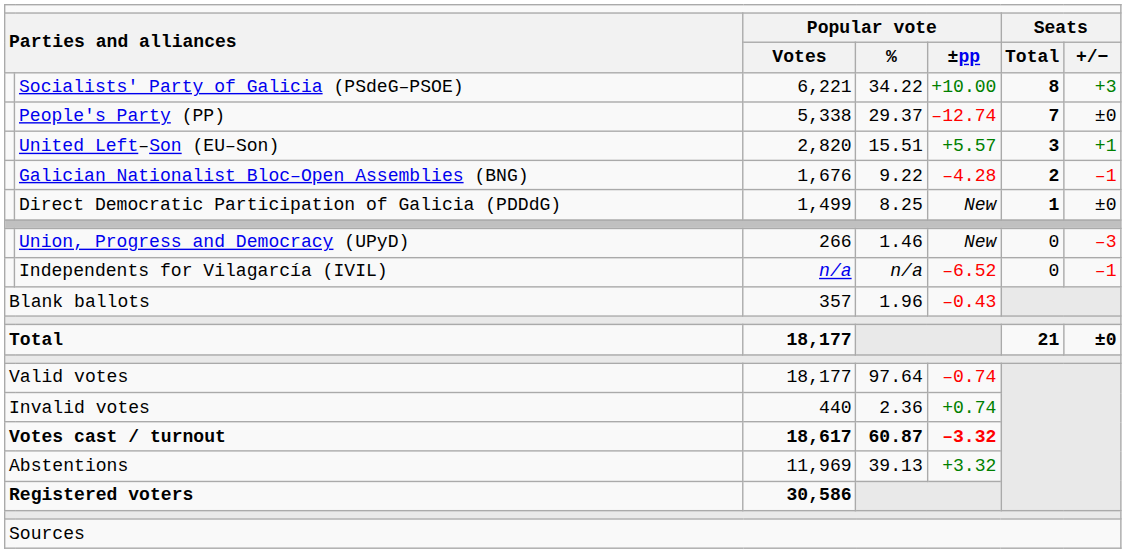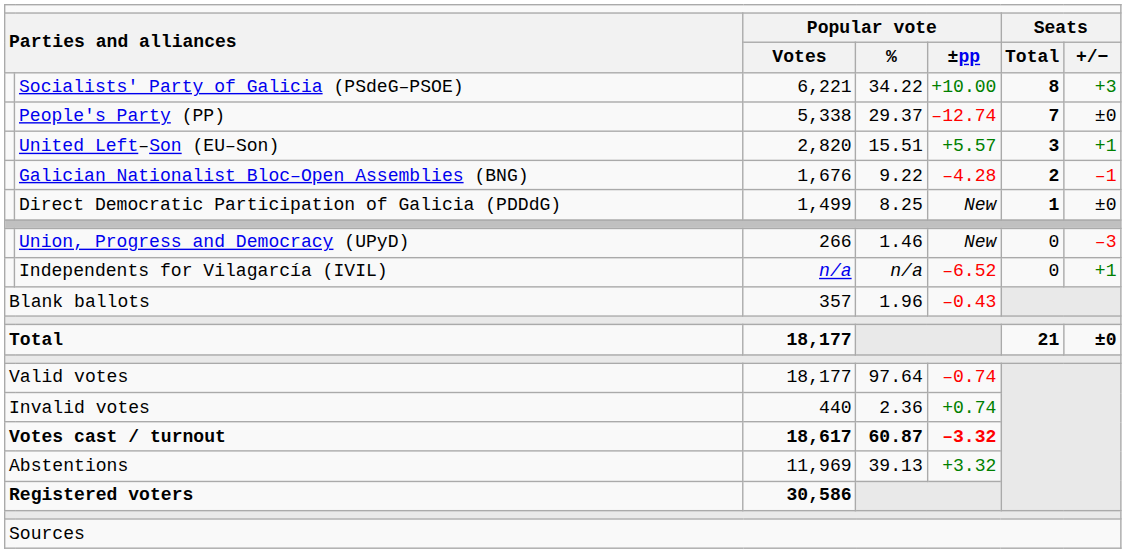 <table class="wikitable" style="text-align:right;">
 <tr>
 <td colspan="7"></td>
 </tr>
 <tr>
 <th style="text-align:left;" rowspan="2" colspan="2" width="525">Parties and alliances</th>
 <th colspan="3">Popular vote</th>
 <th colspan="2">Seats</th>
 </tr>
 <tr>
 <th width="75">Votes</th>
 <th width="45">%</th>
 <th width="45">±<a href='#'>pp</a></th>
 <th width="35">Total</th>
 <th width="35">+/−</th>
 </tr>
 <tr>
 <td width="1" style="color:inherit;background:"></td>
 <td align="left"><a href='#'>Socialists' Party of Galicia</a> (PSdeG–PSOE)</td>
 <td>6,221</td>
 <td>34.22</td>
 <td style="color:green;">+10.00</td>
 <td><strong>8</strong></td>
 <td style="color:green;">+3</td>
 </tr>
 <tr>
 <td style="color:inherit;background:"></td>
 <td align="left"><a href='#'>People's Party</a> (PP)</td>
 <td>5,338</td>
 <td>29.37</td>
 <td style="color:red;">–12.74</td>
 <td><strong>7</strong></td>
 <td>±0</td>
 </tr>
 <tr>
 <td style="color:inherit;background:"></td>
 <td align="left"><a href='#'>United Left</a>–<a href='#'>Son</a> (EU–Son)</td>
 <td>2,820</td>
 <td>15.51</td>
 <td style="color:green;">+5.57</td>
 <td><strong>3</strong></td>
 <td style="color:green;">+1</td>
 </tr>
 <tr>
 <td style="color:inherit;background:"></td>
 <td align="left"><a href='#'>Galician Nationalist Bloc–Open Assemblies</a> (BNG)</td>
 <td>1,676</td>
 <td>9.22</td>
 <td style="color:red;">–4.28</td>
 <td><strong>2</strong></td>
 <td style="color:red;">–1</td>
 </tr>
 <tr>
 <td style="color:inherit;background:"></td>
 <td align="left">Direct Democratic Participation of Galicia (PDDdG)</td>
 <td>1,499</td>
 <td>8.25</td>
 <td><em>New</em></td>
 <td><strong>1</strong></td>
 <td>±0</td>
 </tr>
 <tr>
 <td colspan="7" bgcolor="#C0C0C0"></td>
 </tr>
 <tr>
 <td style="color:inherit;background:"></td>
 <td align="left"><a href='#'>Union, Progress and Democracy</a> (UPyD)</td>
 <td>266</td>
 <td>1.46</td>
 <td><em>New</em></td>
 <td>0</td>
 <td style="color:red;">–3</td>
 </tr>
 <tr>
 <td style="color:inherit;background:"></td>
 <td align="left">Independents for Vilagarcía (IVIL)</td>
 <td><em><a href='#'>n/a</a></em></td>
 <td><em>n/a</em></td>
 <td style="color:red;">–6.52</td>
 <td>0</td>
-<td style="color:red;">–1</td>
+<td style="color:green;">+1</td>
 </tr>
 <tr>
 <td align="left" colspan="2">Blank ballots</td>
 <td>357</td>
 <td>1.96</td>
 <td style="color:red;">–0.43</td>
 <td bgcolor="#E9E9E9" colspan="2"></td>
 </tr>
 <tr>
 <td colspan="7" bgcolor="#E9E9E9"></td>
 </tr>
 <tr style="font-weight:bold;">
 <td align="left" colspan="2">Total</td>
 <td>18,177</td>
 <td bgcolor="#E9E9E9" colspan="2"></td>
 <td>21</td>
 <td>±0</td>
 </tr>
 <tr>
 <td colspan="7" bgcolor="#E9E9E9"></td>
 </tr>
 <tr>
 <td align="left" colspan="2">Valid votes</td>
 <td>18,177</td>
 <td>97.64</td>
 <td style="color:red;">–0.74</td>
 <td bgcolor="#E9E9E9" colspan="2" rowspan="5"></td>
 </tr>
 <tr>
 <td align="left" colspan="2">Invalid votes</td>
 <td>440</td>
 <td>2.36</td>
 <td style="color:green;">+0.74</td>
 </tr>
 <tr style="font-weight:bold;">
 <td align="left" colspan="2">Votes cast / turnout</td>
 <td>18,617</td>
 <td>60.87</td>
 <td style="color:red;">–3.32</td>
 </tr>
 <tr>
 <td align="left" colspan="2">Abstentions</td>
 <td>11,969</td>
 <td>39.13</td>
 <td style="color:green;">+3.32</td>
 </tr>
 <tr style="font-weight:bold;">
 <td align="left" colspan="2">Registered voters</td>
 <td>30,586</td>
 <td bgcolor="#E9E9E9" colspan="2"></td>
 </tr>
 <tr>
 <td colspan="7" bgcolor="#E9E9E9"></td>
 </tr>
 <tr>
 <td align="left" colspan="7">Sources</td>
 </tr>
 </table>
